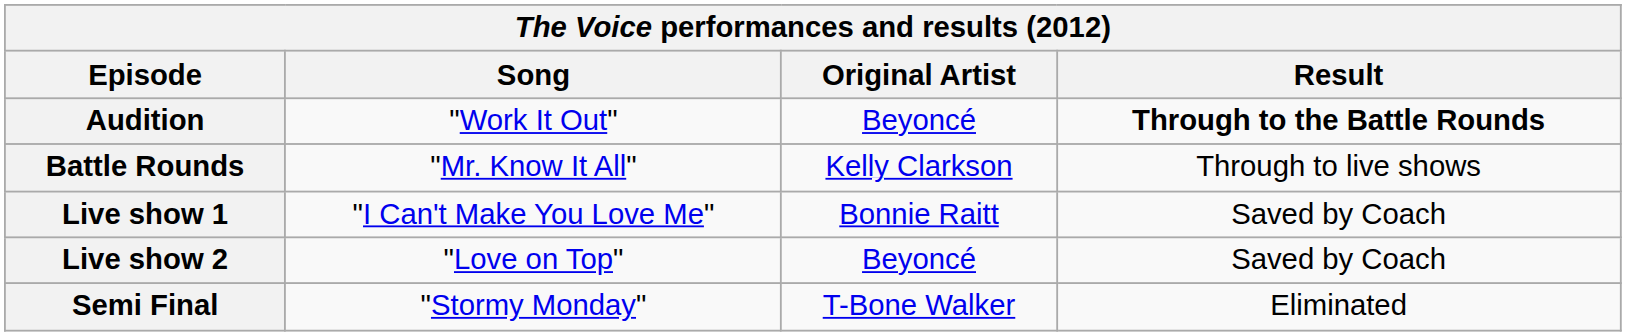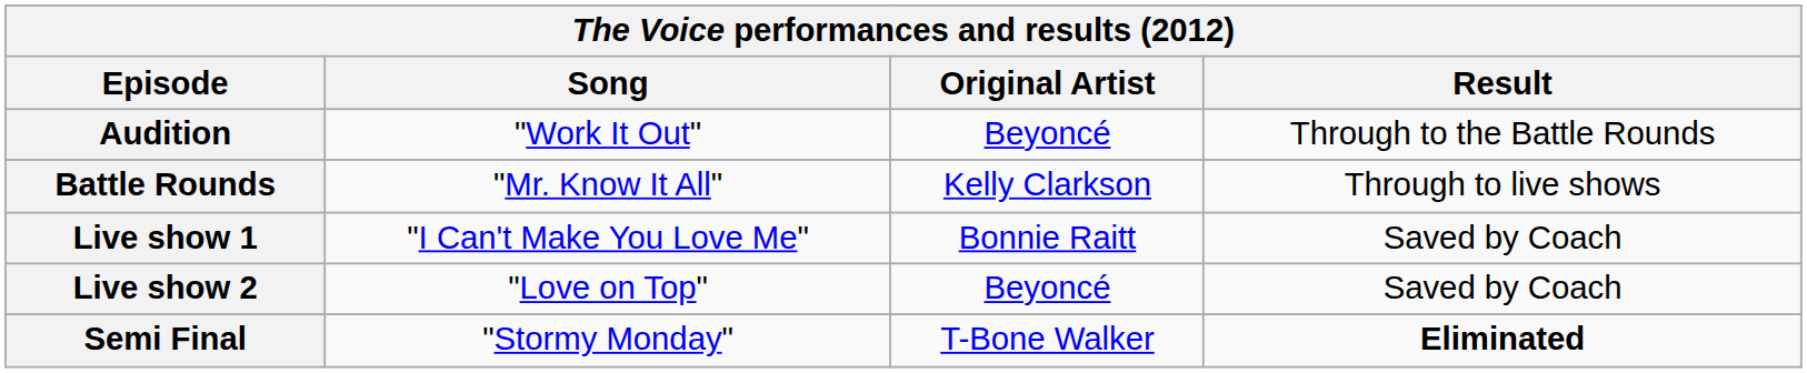 <table class="wikitable collapsible collapsed" style="width:100%; margin:1em auto 1em auto; text-align:center;">
 <tr>
 <th colspan="4"><em>The Voice</em> performances and results (2012)</th>
 </tr>
 <tr>
 <th scope="col">Episode</th>
 <th scope="col">Song</th>
 <th scope="col">Original Artist</th>
 <th scope="col">Result</th>
 </tr>
 <tr>
 <th>Audition</th>
 <td>"<a href='#'>Work It Out</a>"</td>
 <td><a href='#'>Beyoncé</a></td>
-<td><strong>Through to the Battle Rounds</strong></td>
+<td>Through to the Battle Rounds</td>
 </tr>
 <tr>
 <th>Battle Rounds</th>
 <td>"<a href='#'>Mr. Know It All</a>"</td>
 <td><a href='#'>Kelly Clarkson</a></td>
 <td>Through to live shows</td>
 </tr>
 <tr>
 <th>Live show 1</th>
 <td>"<a href='#'>I Can't Make You Love Me</a>"</td>
 <td><a href='#'>Bonnie Raitt</a></td>
 <td>Saved by Coach</td>
 </tr>
 <tr>
 <th>Live show 2</th>
 <td>"<a href='#'>Love on Top</a>"</td>
 <td><a href='#'>Beyoncé</a></td>
 <td>Saved by Coach</td>
 </tr>
 <tr>
 <th>Semi Final</th>
 <td>"<a href='#'>Stormy Monday</a>"</td>
 <td><a href='#'>T-Bone Walker</a></td>
-<td>Eliminated</td>
+<td><strong>Eliminated</strong></td>
 </tr>
 </table>
